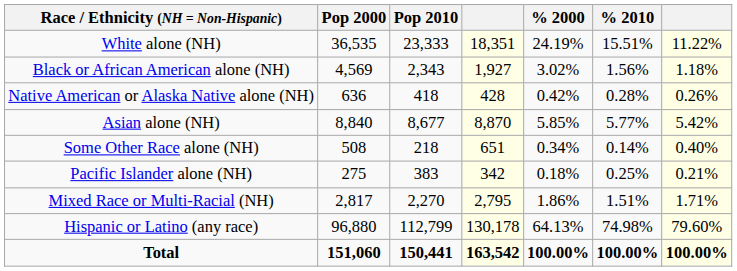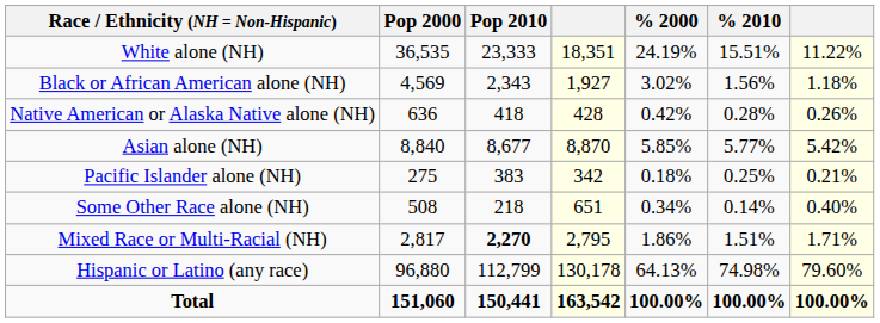 <table class="wikitable" style="text-align:center;">
 <tr>
 <th>Race / Ethnicity <small>(<em>NH = Non-Hispanic</em>)</small></th>
 <th>Pop 2000</th>
 <th>Pop 2010</th>
 <th></th>
 <th>% 2000</th>
 <th>% 2010</th>
 <th></th>
 </tr>
 <tr>
 <td><a href='#'>White</a> alone (NH)</td>
 <td>36,535</td>
 <td>23,333</td>
 <td style='background: #ffffe6;'>18,351</td>
 <td>24.19%</td>
 <td>15.51%</td>
 <td style='background: #ffffe6;'>11.22%</td>
 </tr>
 <tr>
 <td><a href='#'>Black or African American</a> alone (NH)</td>
 <td>4,569</td>
 <td>2,343</td>
 <td style='background: #ffffe6;'>1,927</td>
 <td>3.02%</td>
 <td>1.56%</td>
 <td style='background: #ffffe6;'>1.18%</td>
 </tr>
 <tr>
 <td><a href='#'>Native American</a> or <a href='#'>Alaska Native</a> alone (NH)</td>
 <td>636</td>
 <td>418</td>
 <td style='background: #ffffe6;'>428</td>
 <td>0.42%</td>
 <td>0.28%</td>
 <td style='background: #ffffe6;'>0.26%</td>
 </tr>
 <tr>
 <td><a href='#'>Asian</a> alone (NH)</td>
 <td>8,840</td>
 <td>8,677</td>
 <td style='background: #ffffe6;'>8,870</td>
 <td>5.85%</td>
 <td>5.77%</td>
 <td style='background: #ffffe6;'>5.42%</td>
 </tr>
 <tr>
+<td><a href='#'>Pacific Islander</a> alone (NH)</td>
+<td>275</td>
+<td>383</td>
+<td style='background: #ffffe6;'>342</td>
+<td>0.18%</td>
+<td>0.25%</td>
+<td style='background: #ffffe6;'>0.21%</td>
+</tr>
+<tr>
 <td><a href='#'>Some Other Race</a> alone (NH)</td>
 <td>508</td>
 <td>218</td>
 <td style='background: #ffffe6;'>651</td>
 <td>0.34%</td>
 <td>0.14%</td>
 <td style='background: #ffffe6;'>0.40%</td>
 </tr>
 <tr>
-<td><a href='#'>Pacific Islander</a> alone (NH)</td>
-<td>275</td>
-<td>383</td>
-<td style='background: #ffffe6;'>342</td>
-<td>0.18%</td>
-<td>0.25%</td>
-<td style='background: #ffffe6;'>0.21%</td>
-</tr>
-<tr>
 <td><a href='#'>Mixed Race or Multi-Racial</a> (NH)</td>
 <td>2,817</td>
-<td>2,270</td>
+<td><strong>2,270</strong></td>
 <td style='background: #ffffe6;'>2,795</td>
 <td>1.86%</td>
 <td>1.51%</td>
 <td style='background: #ffffe6;'>1.71%</td>
 </tr>
 <tr>
 <td><a href='#'>Hispanic or Latino</a> (any race)</td>
 <td>96,880</td>
 <td>112,799</td>
 <td style='background: #ffffe6;'>130,178</td>
 <td>64.13%</td>
 <td>74.98%</td>
 <td style='background: #ffffe6;'>79.60%</td>
 </tr>
 <tr>
 <td><strong>Total</strong></td>
 <td><strong>151,060</strong></td>
 <td><strong>150,441</strong></td>
 <td style='background: #ffffe6;'><strong>163,542</strong></td>
 <td><strong>100.00%</strong></td>
 <td><strong>100.00%</strong></td>
 <td style='background: #ffffe6;'><strong>100.00%</strong></td>
 </tr>
 </table>
